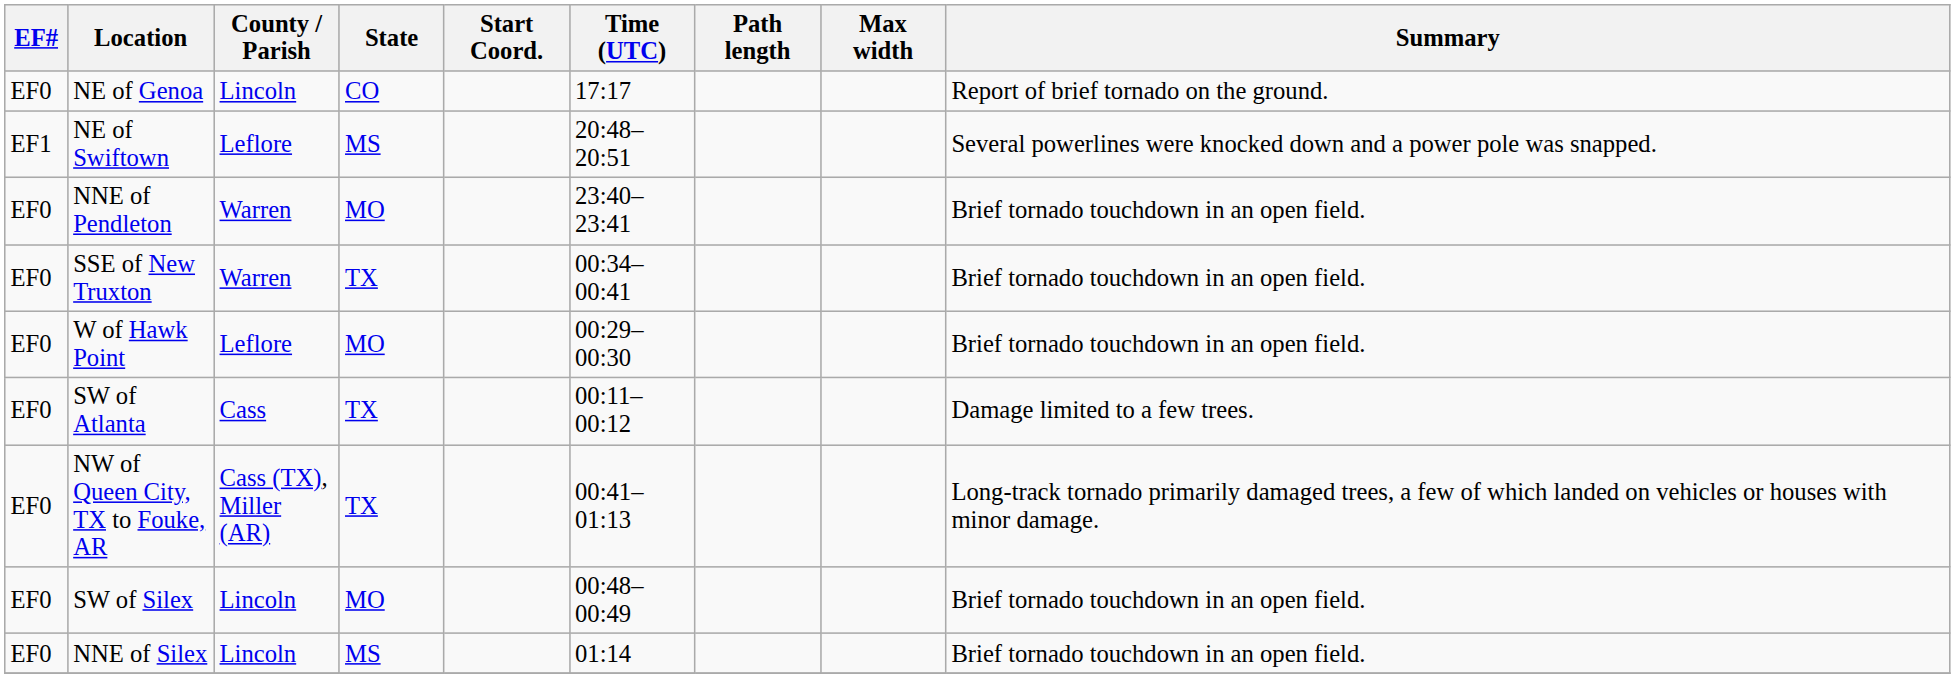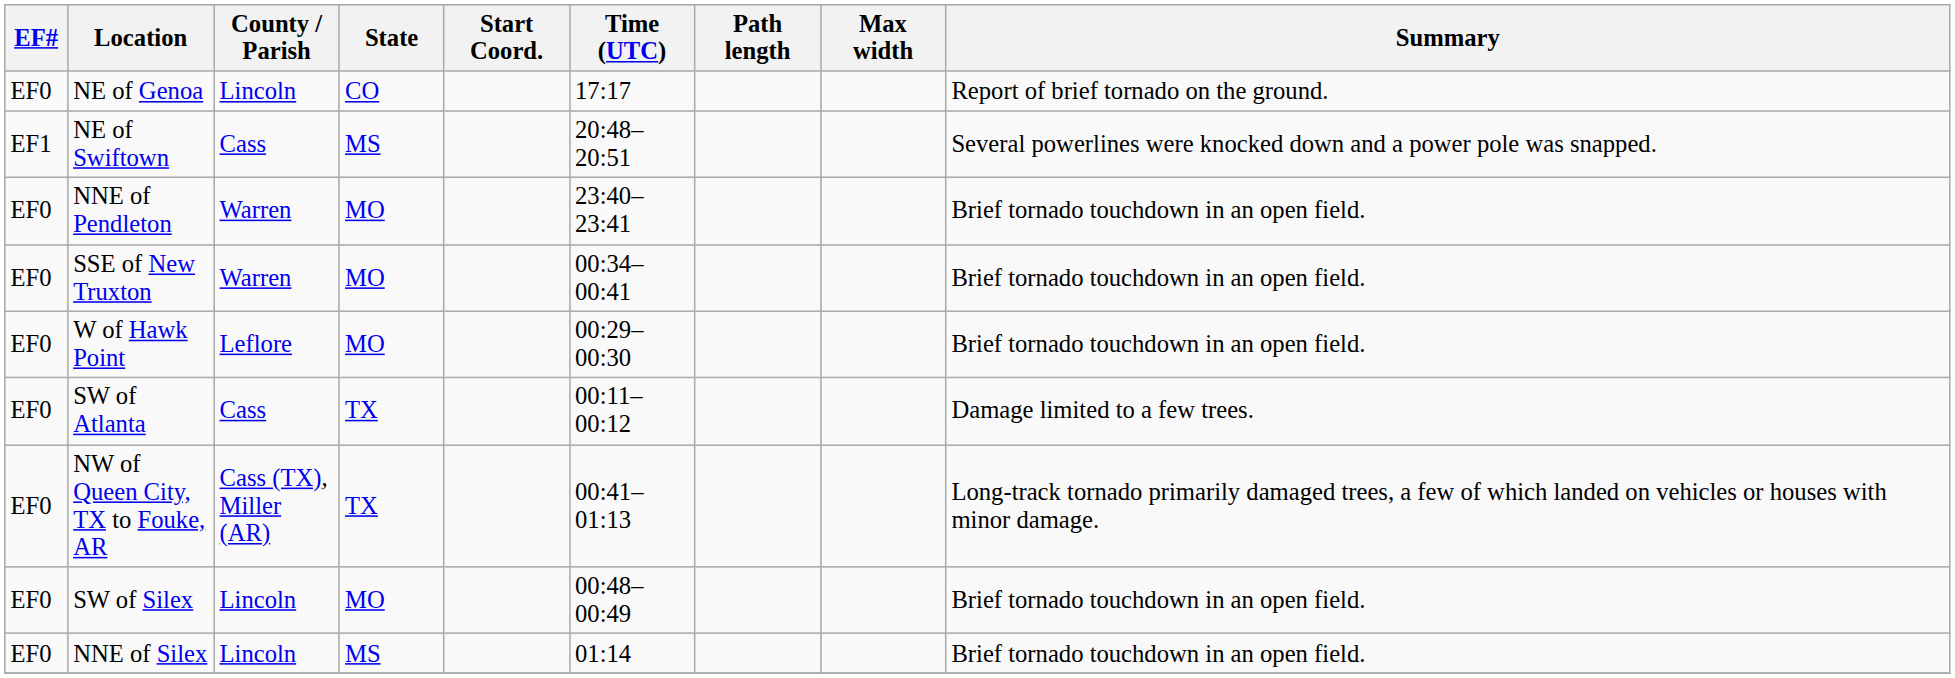 <table class="wikitable sortable" style="width:100%;">
 <tr>
 <th scope="col" width="3%" align="center"><a href='#'>EF#</a></th>
 <th scope="col" width="7%" align="center" class="unsortable">Location</th>
 <th scope="col" width="6%" align="center" class="unsortable">County / Parish</th>
 <th scope="col" width="5%" align="center">State</th>
 <th scope="col" width="6%" align="center">Start Coord.</th>
 <th scope="col" width="6%" align="center">Time (<a href='#'>UTC</a>)</th>
 <th scope="col" width="6%" align="center">Path length</th>
 <th scope="col" width="6%" align="center">Max width</th>
 <th scope="col" width="48%" class="unsortable" align="center">Summary</th>
 </tr>
 <tr>
 <td>EF0</td>
 <td>NE of <a href='#'>Genoa</a></td>
 <td><a href='#'>Lincoln</a></td>
 <td><a href='#'>CO</a></td>
 <td></td>
 <td>17:17</td>
 <td></td>
 <td></td>
 <td>Report of brief tornado on the ground.</td>
 </tr>
 <tr>
 <td>EF1</td>
 <td>NE of <a href='#'>Swiftown</a></td>
-<td><a href='#'>Leflore</a></td>
+<td><a href='#'>Cass</a></td>
 <td><a href='#'>MS</a></td>
 <td></td>
 <td>20:48–20:51</td>
 <td></td>
 <td></td>
 <td>Several powerlines were knocked down and a power pole was snapped.</td>
 </tr>
 <tr>
 <td>EF0</td>
 <td>NNE of <a href='#'>Pendleton</a></td>
 <td><a href='#'>Warren</a></td>
 <td><a href='#'>MO</a></td>
 <td></td>
 <td>23:40–23:41</td>
 <td></td>
 <td></td>
 <td>Brief tornado touchdown in an open field.</td>
 </tr>
 <tr>
 <td>EF0</td>
 <td>SSE of <a href='#'>New Truxton</a></td>
 <td><a href='#'>Warren</a></td>
-<td><a href='#'>TX</a></td>
+<td><a href='#'>MO</a></td>
 <td></td>
 <td>00:34–00:41</td>
 <td></td>
 <td></td>
 <td>Brief tornado touchdown in an open field.</td>
 </tr>
 <tr>
 <td>EF0</td>
 <td>W of <a href='#'>Hawk Point</a></td>
 <td><a href='#'>Leflore</a></td>
 <td><a href='#'>MO</a></td>
 <td></td>
 <td>00:29–00:30</td>
 <td></td>
 <td></td>
 <td>Brief tornado touchdown in an open field.</td>
 </tr>
 <tr>
 <td>EF0</td>
 <td>SW of <a href='#'>Atlanta</a></td>
 <td><a href='#'>Cass</a></td>
 <td><a href='#'>TX</a></td>
 <td></td>
 <td>00:11–00:12</td>
 <td></td>
 <td></td>
 <td>Damage limited to a few trees.</td>
 </tr>
 <tr>
 <td>EF0</td>
 <td>NW of <a href='#'>Queen City, TX</a> to <a href='#'>Fouke, AR</a></td>
 <td><a href='#'>Cass (TX)</a>, <a href='#'>Miller (AR)</a></td>
 <td><a href='#'>TX</a></td>
 <td></td>
 <td>00:41–01:13</td>
 <td></td>
 <td></td>
 <td>Long-track tornado primarily damaged trees, a few of which landed on vehicles or houses with minor damage.</td>
 </tr>
 <tr>
 <td>EF0</td>
 <td>SW of <a href='#'>Silex</a></td>
 <td><a href='#'>Lincoln</a></td>
 <td><a href='#'>MO</a></td>
 <td></td>
 <td>00:48–00:49</td>
 <td></td>
 <td></td>
 <td>Brief tornado touchdown in an open field.</td>
 </tr>
 <tr>
 <td>EF0</td>
 <td>NNE of <a href='#'>Silex</a></td>
 <td><a href='#'>Lincoln</a></td>
 <td><a href='#'>MS</a></td>
 <td></td>
 <td>01:14</td>
 <td></td>
 <td></td>
 <td>Brief tornado touchdown in an open field.</td>
 </tr>
 <tr>
 </tr>
 </table>
